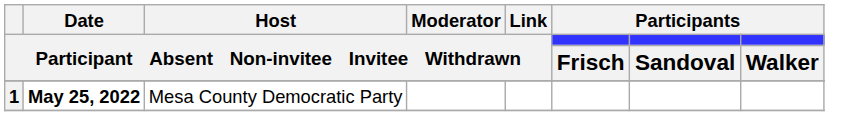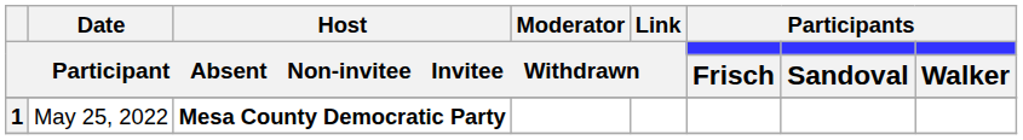 <table class="wikitable" style="text-align:center;">
 <tr style="font-size:small;">
 <th scope="col"></th>
 <th scope="col">Date</th>
 <th scope="col">Host</th>
 <th scope="col">Moderator</th>
 <th scope="col">Link</th>
 <th scope="col" colspan="3">Participants</th>
 </tr>
 <tr>
 <th colspan="5" rowspan="2"> <small>Participant  </small> <small>Absent  </small> <small>Non-invitee  </small> <small>Invitee  </small> <small>Withdrawn</small></th>
 <th scope="col" style="background:#3333FF;"></th>
 <th scope="col" style="background:#3333FF;"></th>
 <th scope="col" style="background:#3333FF;"></th>
 </tr>
 <tr>
 <th scope="col">Frisch</th>
 <th scope="col">Sandoval</th>
 <th scope="col">Walker</th>
 </tr>
 <tr>
 </tr>
 <tr style="background:#FFFFFF;font-size:small;">
 <th scope="row">1</th>
-<td style="white-space:nowrap;"><strong>May 25, 2022</strong></td>
-<td style="white-space:nowrap;">Mesa County Democratic Party</td>
+<td style="white-space:nowrap;">May 25, 2022</td>
+<td style="white-space:nowrap;"><strong>Mesa County Democratic Party</strong></td>
 <td style="white-space:nowrap;"></td>
 <td style="white-space:nowrap;"></td>
 <td></td>
 <td></td>
 <td></td>
 </tr>
 <tr>
 </tr>
 </table>
